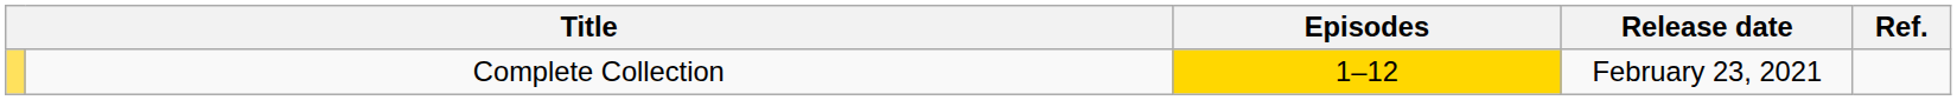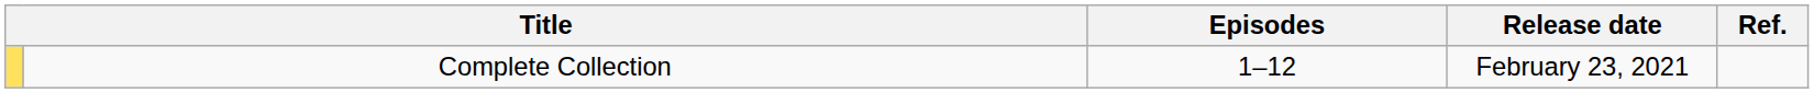 <table class="wikitable" style="text-align: center; width: 70%;">
 <tr>
 <th colspan="2">Title</th>
 <th width="20%">Episodes</th>
 <th width="15%">Release date</th>
 <th width="5%">Ref.</th>
 </tr>
 <tr>
 <td rowspan="1" width="1%" style="background: #FFE15D;"></td>
 <td>Complete Collection</td>
-<td style="background: gold;">1–12</td>
+<td>1–12</td>
 <td>February 23, 2021</td>
 <td></td>
 </tr>
 </table>
